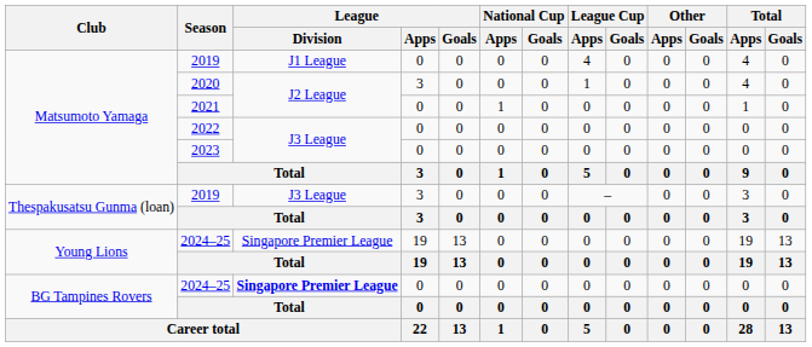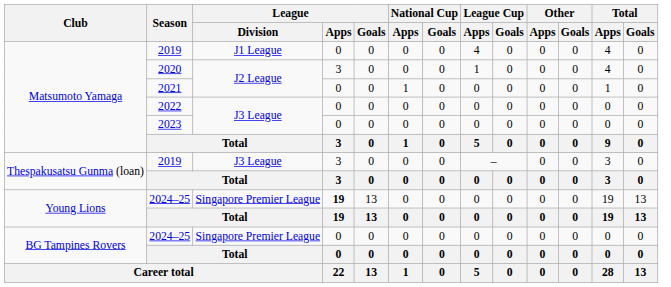 <table class="wikitable" style="text-align: center">
 <tr>
 <th rowspan="2">Club</th>
 <th rowspan="2">Season</th>
 <th colspan="3">League</th>
 <th colspan="2">National Cup</th>
 <th colspan="2">League Cup</th>
 <th colspan="2">Other</th>
 <th colspan="2">Total</th>
 </tr>
 <tr>
 <th>Division</th>
 <th>Apps</th>
 <th>Goals</th>
 <th>Apps</th>
 <th>Goals</th>
 <th>Apps</th>
 <th>Goals</th>
 <th>Apps</th>
 <th>Goals</th>
 <th>Apps</th>
 <th>Goals</th>
 </tr>
 <tr>
 <td rowspan="6"><a href='#'>Matsumoto Yamaga</a></td>
 <td><a href='#'>2019</a></td>
 <td><a href='#'>J1 League</a></td>
 <td>0</td>
 <td>0</td>
 <td>0</td>
 <td>0</td>
 <td>4</td>
 <td>0</td>
 <td>0</td>
 <td>0</td>
 <td>4</td>
 <td>0</td>
 </tr>
 <tr>
 <td><a href='#'>2020</a></td>
 <td rowspan="2"><a href='#'>J2 League</a></td>
 <td>3</td>
 <td>0</td>
 <td>0</td>
 <td>0</td>
 <td>1</td>
 <td>0</td>
 <td>0</td>
 <td>0</td>
 <td>4</td>
 <td>0</td>
 </tr>
 <tr>
 <td><a href='#'>2021</a></td>
 <td>0</td>
 <td>0</td>
 <td>1</td>
 <td>0</td>
 <td>0</td>
 <td>0</td>
 <td>0</td>
 <td>0</td>
 <td>1</td>
 <td>0</td>
 </tr>
 <tr>
 <td><a href='#'>2022</a></td>
 <td rowspan="2"><a href='#'>J3 League</a></td>
 <td>0</td>
 <td>0</td>
 <td>0</td>
 <td>0</td>
 <td>0</td>
 <td>0</td>
 <td>0</td>
 <td>0</td>
 <td>0</td>
 <td>0</td>
 </tr>
 <tr>
 <td><a href='#'>2023</a></td>
 <td>0</td>
 <td>0</td>
 <td>0</td>
 <td>0</td>
 <td>0</td>
 <td>0</td>
 <td>0</td>
 <td>0</td>
 <td>0</td>
 <td>0</td>
 </tr>
 <tr>
 <th colspan=2>Total</th>
 <th>3</th>
 <th>0</th>
 <th>1</th>
 <th>0</th>
 <th>5</th>
 <th>0</th>
 <th>0</th>
 <th>0</th>
 <th>9</th>
 <th>0</th>
 </tr>
 <tr>
 <td rowspan="2"><a href='#'>Thespakusatsu Gunma</a> (loan)</td>
 <td><a href='#'>2019</a></td>
 <td><a href='#'>J3 League</a></td>
 <td>3</td>
 <td>0</td>
 <td>0</td>
 <td>0</td>
 <td colspan="2">–</td>
 <td>0</td>
 <td>0</td>
 <td>3</td>
 <td>0</td>
 </tr>
 <tr>
 <th colspan="2">Total</th>
 <th>3</th>
 <th>0</th>
 <th>0</th>
 <th>0</th>
 <th>0</th>
 <th>0</th>
 <th>0</th>
 <th>0</th>
 <th>3</th>
 <th>0</th>
 </tr>
 <tr>
 <td rowspan="2"><a href='#'>Young Lions</a></td>
 <td><a href='#'>2024–25</a></td>
 <td><a href='#'>Singapore Premier League</a></td>
-<td>19</td>
+<td><strong>19</strong></td>
 <td>13</td>
 <td>0</td>
 <td>0</td>
 <td>0</td>
 <td>0</td>
 <td>0</td>
 <td>0</td>
 <td>19</td>
 <td>13</td>
 </tr>
 <tr>
 <th colspan="2">Total</th>
 <th>19</th>
 <th>13</th>
 <th>0</th>
 <th>0</th>
 <th>0</th>
 <th>0</th>
 <th>0</th>
 <th>0</th>
 <th>19</th>
 <th>13</th>
 </tr>
 <tr>
 <td rowspan="2"><a href='#'>BG Tampines Rovers</a></td>
 <td><a href='#'>2024–25</a></td>
-<td><strong><a href='#'>Singapore Premier League</a></strong></td>
+<td><a href='#'>Singapore Premier League</a></td>
 <td>0</td>
 <td>0</td>
 <td>0</td>
 <td>0</td>
 <td>0</td>
 <td>0</td>
 <td>0</td>
 <td>0</td>
 <td>0</td>
 <td>0</td>
 </tr>
 <tr>
 <th colspan="2">Total</th>
 <th>0</th>
 <th>0</th>
 <th>0</th>
 <th>0</th>
 <th>0</th>
 <th>0</th>
 <th>0</th>
 <th>0</th>
 <th>0</th>
 <th>0</th>
 </tr>
 <tr>
 <th colspan=3>Career total</th>
 <th>22</th>
 <th>13</th>
 <th>1</th>
 <th>0</th>
 <th>5</th>
 <th>0</th>
 <th>0</th>
 <th>0</th>
 <th>28</th>
 <th>13</th>
 </tr>
 </table>
